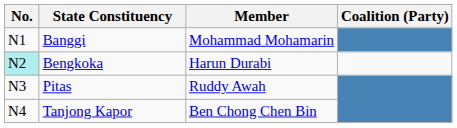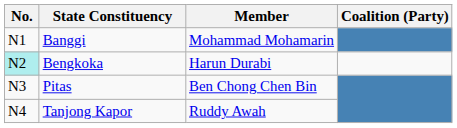 <table class="wikitable sortable">
 <tr>
 <th width="30">No.</th>
 <th width="150">State Constituency</th>
 <th>Member</th>
 <th>Coalition (Party)</th>
 </tr>
 <tr>
 <td>N1</td>
 <td><a href='#'>Banggi</a></td>
 <td><a href='#'>Mohammad Mohamarin</a></td>
 <td style="background-color: #4682B4;"></td>
 </tr>
 <tr>
 <td style="background: paleturquoise;">N2</td>
 <td><a href='#'>Bengkoka</a></td>
 <td><a href='#'>Harun Durabi</a></td>
 <td></td>
 </tr>
 <tr>
 <td>N3</td>
 <td><a href='#'>Pitas</a></td>
-<td><a href='#'>Ruddy Awah</a></td>
+<td><a href='#'>Ben Chong Chen Bin</a></td>
 <td rowspan=2 style="background-color: #4682B4;"></td>
 </tr>
 <tr>
 <td>N4</td>
 <td><a href='#'>Tanjong Kapor</a></td>
-<td><a href='#'>Ben Chong Chen Bin</a></td>
+<td><a href='#'>Ruddy Awah</a></td>
 </tr>
 </table>
